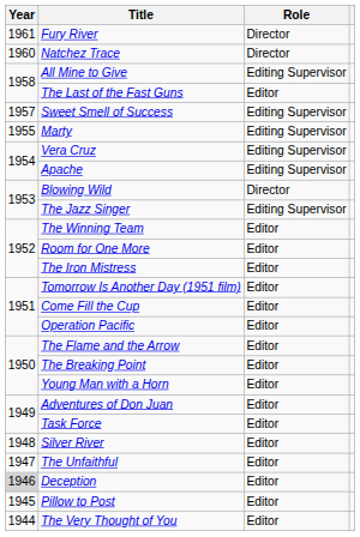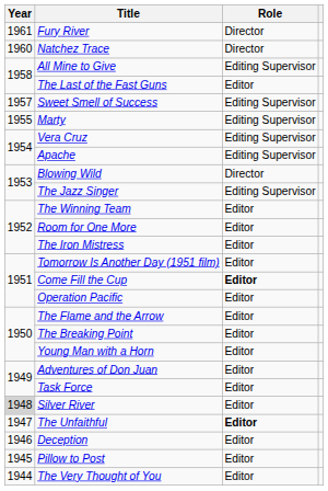 <table class="wikitable sortable">
 <tr>
 <th>Year</th>
 <th>Title</th>
 <th>Role</th>
 <th class="unsortable"></th>
 </tr>
 <tr>
 <td>1961</td>
 <td><em><a href='#'>Fury River</a></em></td>
 <td>Director</td>
 <td></td>
 </tr>
 <tr>
 <td>1960</td>
 <td><em><a href='#'>Natchez Trace</a></em></td>
 <td>Director</td>
 <td></td>
 </tr>
 <tr>
 <td rowspan="2">1958</td>
 <td><em><a href='#'>All Mine to Give</a></em></td>
 <td>Editing Supervisor</td>
 <td></td>
 </tr>
 <tr>
 <td><em><a href='#'>The Last of the Fast Guns</a></em></td>
 <td>Editor</td>
 <td></td>
 </tr>
 <tr>
 <td>1957</td>
 <td><em><a href='#'>Sweet Smell of Success</a></em></td>
 <td>Editing Supervisor</td>
 <td></td>
 </tr>
 <tr>
 <td>1955</td>
 <td><em><a href='#'>Marty</a></em></td>
 <td>Editing Supervisor</td>
 <td></td>
 </tr>
 <tr>
 <td rowspan="2">1954</td>
 <td><em><a href='#'>Vera Cruz</a></em></td>
 <td>Editing Supervisor</td>
 <td></td>
 </tr>
 <tr>
 <td><em><a href='#'>Apache</a></em></td>
 <td>Editing Supervisor</td>
 <td></td>
 </tr>
 <tr>
 <td rowspan="2">1953</td>
 <td><em><a href='#'>Blowing Wild</a></em></td>
 <td>Director</td>
 <td></td>
 </tr>
 <tr>
 <td><em><a href='#'>The Jazz Singer</a></em></td>
 <td>Editing Supervisor</td>
 <td></td>
 </tr>
 <tr>
 <td rowspan="3">1952</td>
 <td><em><a href='#'>The Winning Team</a></em></td>
 <td>Editor</td>
 <td></td>
 </tr>
 <tr>
 <td><em><a href='#'>Room for One More</a></em></td>
 <td>Editor</td>
 <td></td>
 </tr>
 <tr>
 <td><em><a href='#'>The Iron Mistress</a></em></td>
 <td>Editor</td>
 <td></td>
 </tr>
 <tr>
 <td rowspan="3">1951</td>
 <td><em><a href='#'>Tomorrow Is Another Day (1951 film)</a></em></td>
 <td>Editor</td>
 <td></td>
 </tr>
 <tr>
 <td><em><a href='#'>Come Fill the Cup</a></em></td>
-<td>Editor</td>
+<td><strong>Editor</strong></td>
 <td></td>
 </tr>
 <tr>
 <td><em><a href='#'>Operation Pacific</a></em></td>
 <td>Editor</td>
 <td></td>
 </tr>
 <tr>
 <td rowspan="3">1950</td>
 <td><em><a href='#'>The Flame and the Arrow</a></em></td>
 <td>Editor</td>
 <td></td>
 </tr>
 <tr>
 <td><em><a href='#'>The Breaking Point</a></em></td>
 <td>Editor</td>
 <td></td>
 </tr>
 <tr>
 <td><em><a href='#'>Young Man with a Horn</a></em></td>
 <td>Editor</td>
 <td></td>
 </tr>
 <tr>
 <td rowspan="2">1949</td>
 <td><em><a href='#'>Adventures of Don Juan</a></em></td>
 <td>Editor</td>
 <td></td>
 </tr>
 <tr>
 <td><em><a href='#'>Task Force</a></em></td>
 <td>Editor</td>
 <td></td>
 </tr>
 <tr>
-<td>1948</td>
+<td style="background: lightgrey;">1948</td>
 <td><em><a href='#'>Silver River</a></em></td>
 <td>Editor</td>
 <td></td>
 </tr>
 <tr>
 <td>1947</td>
 <td><em><a href='#'>The Unfaithful</a></em></td>
-<td>Editor</td>
+<td><strong>Editor</strong></td>
 <td></td>
 </tr>
 <tr>
-<td style="background: lightgrey;">1946</td>
+<td>1946</td>
 <td><em><a href='#'>Deception</a></em></td>
 <td>Editor</td>
 <td></td>
 </tr>
 <tr>
 <td>1945</td>
 <td><em><a href='#'>Pillow to Post</a></em></td>
 <td>Editor</td>
 <td></td>
 </tr>
 <tr>
 <td>1944</td>
 <td><em><a href='#'>The Very Thought of You</a></em></td>
 <td>Editor</td>
 <td></td>
 </tr>
 </table>
